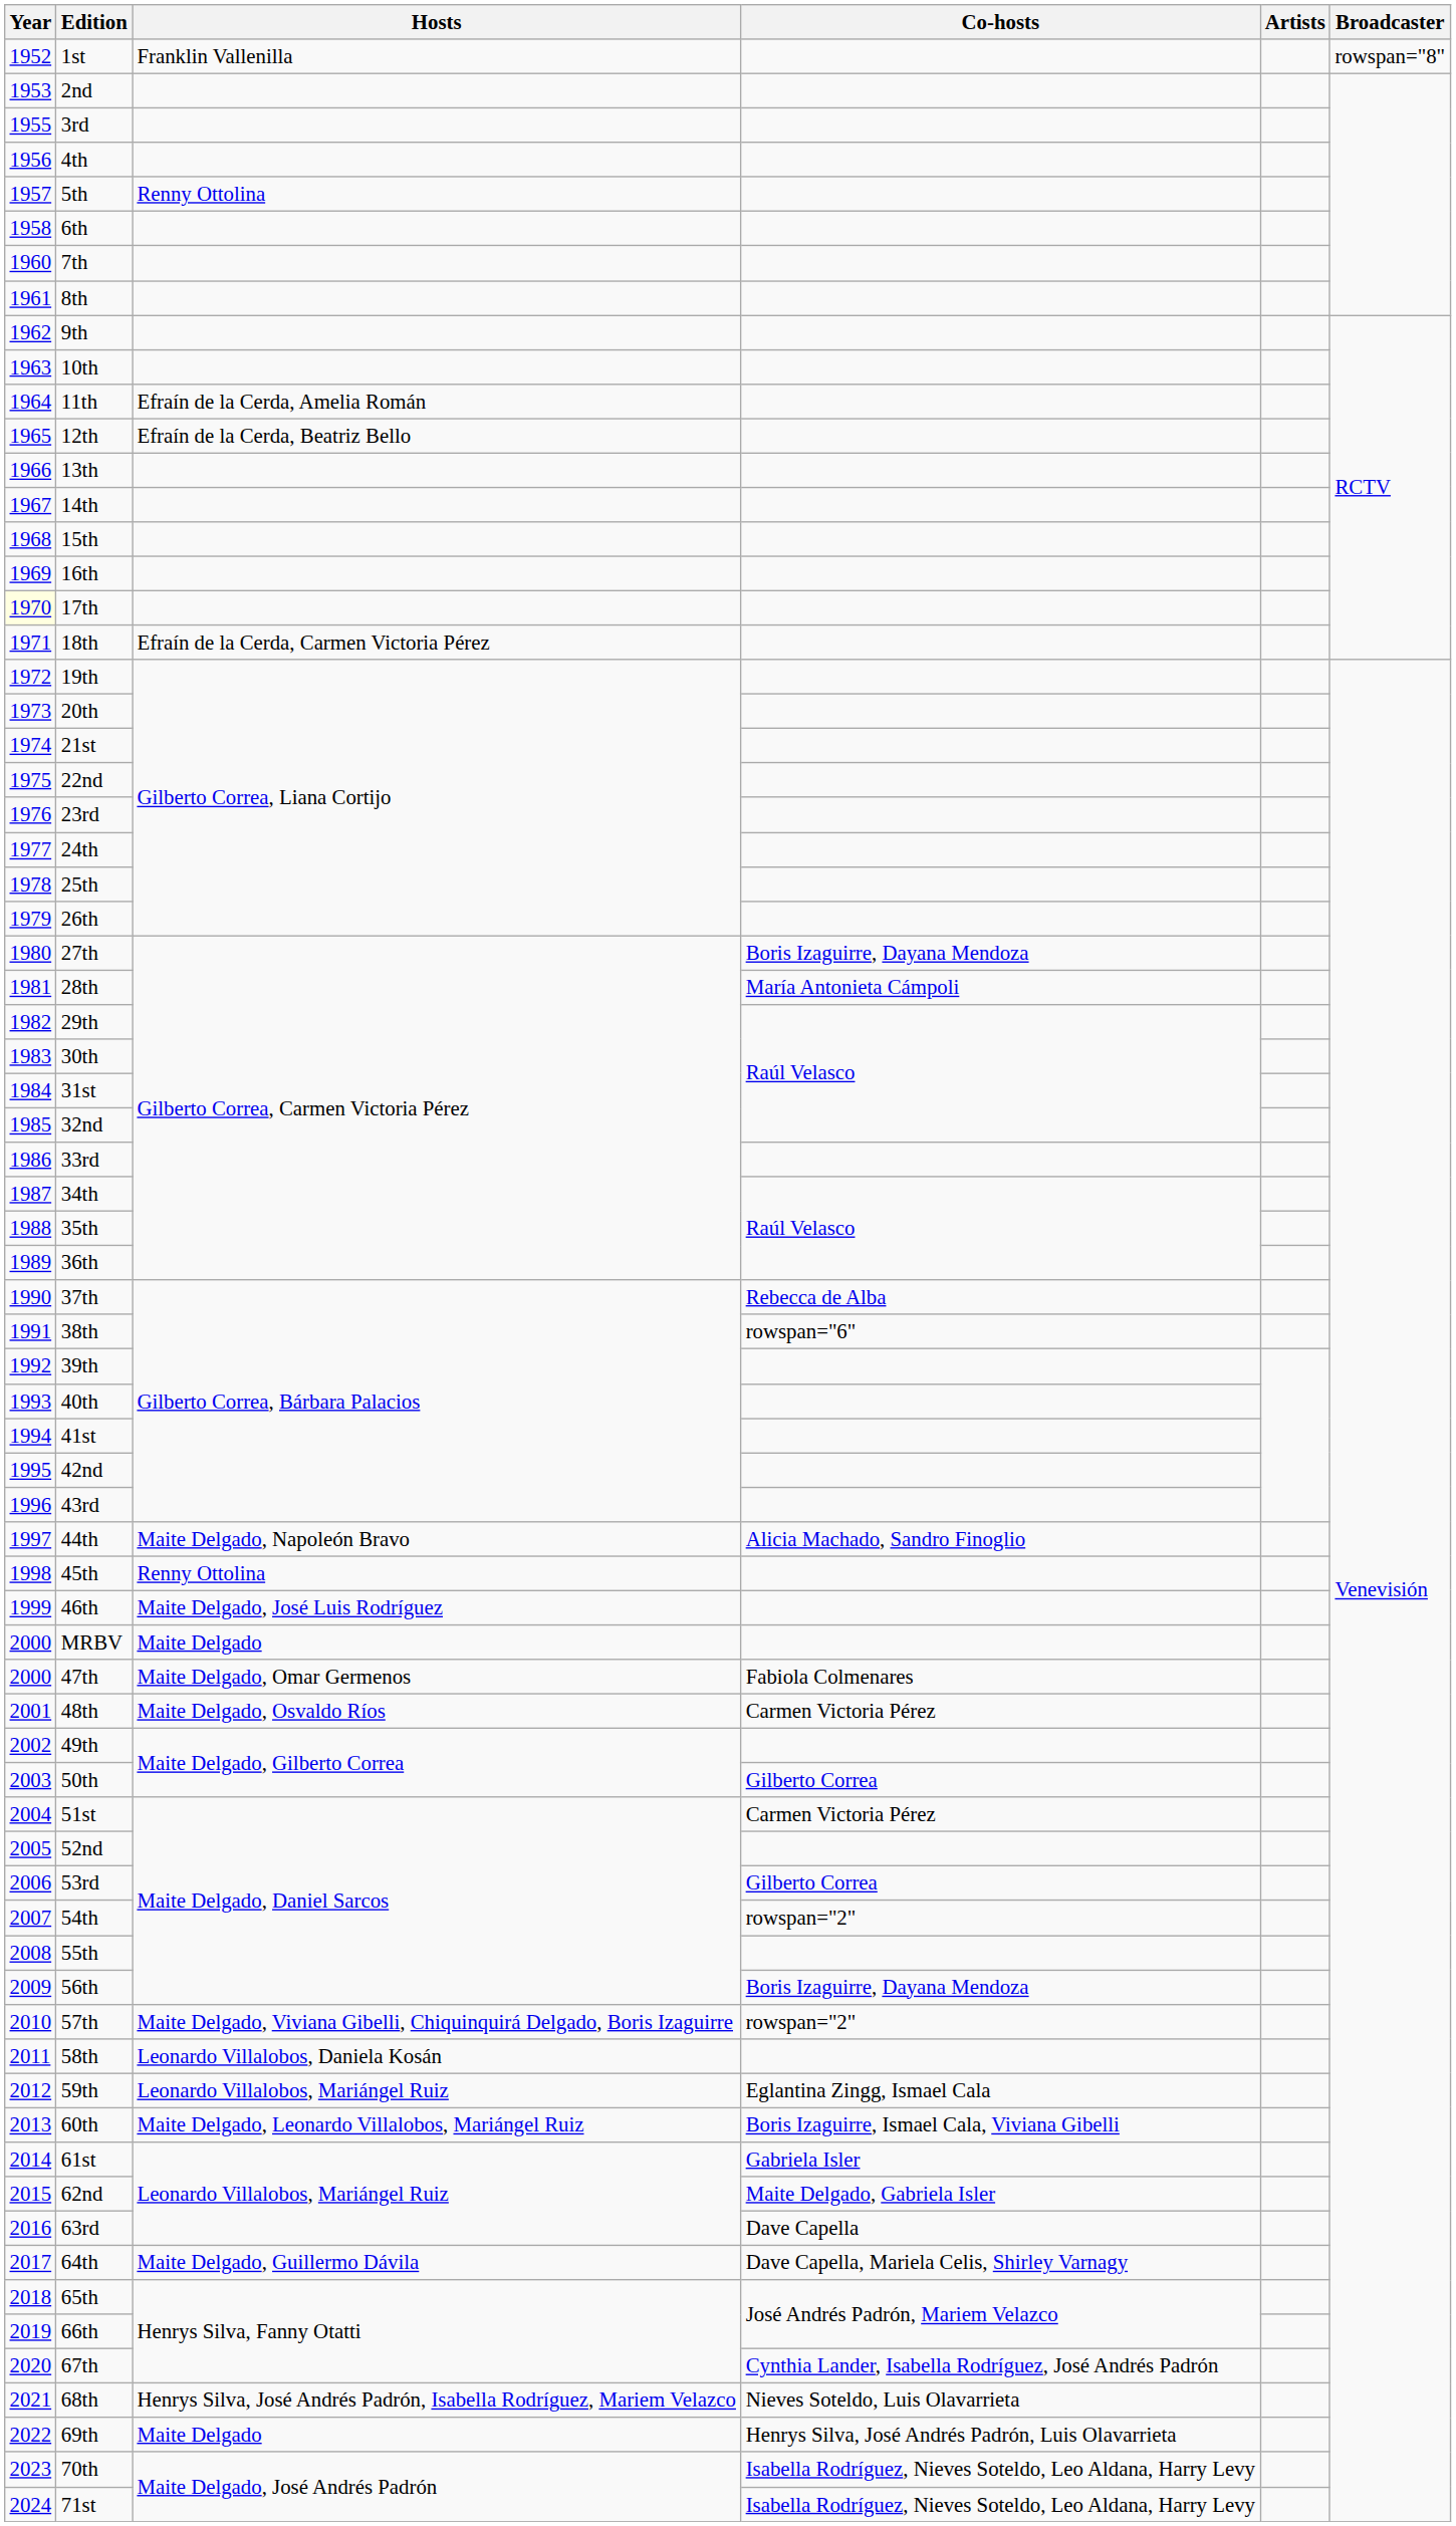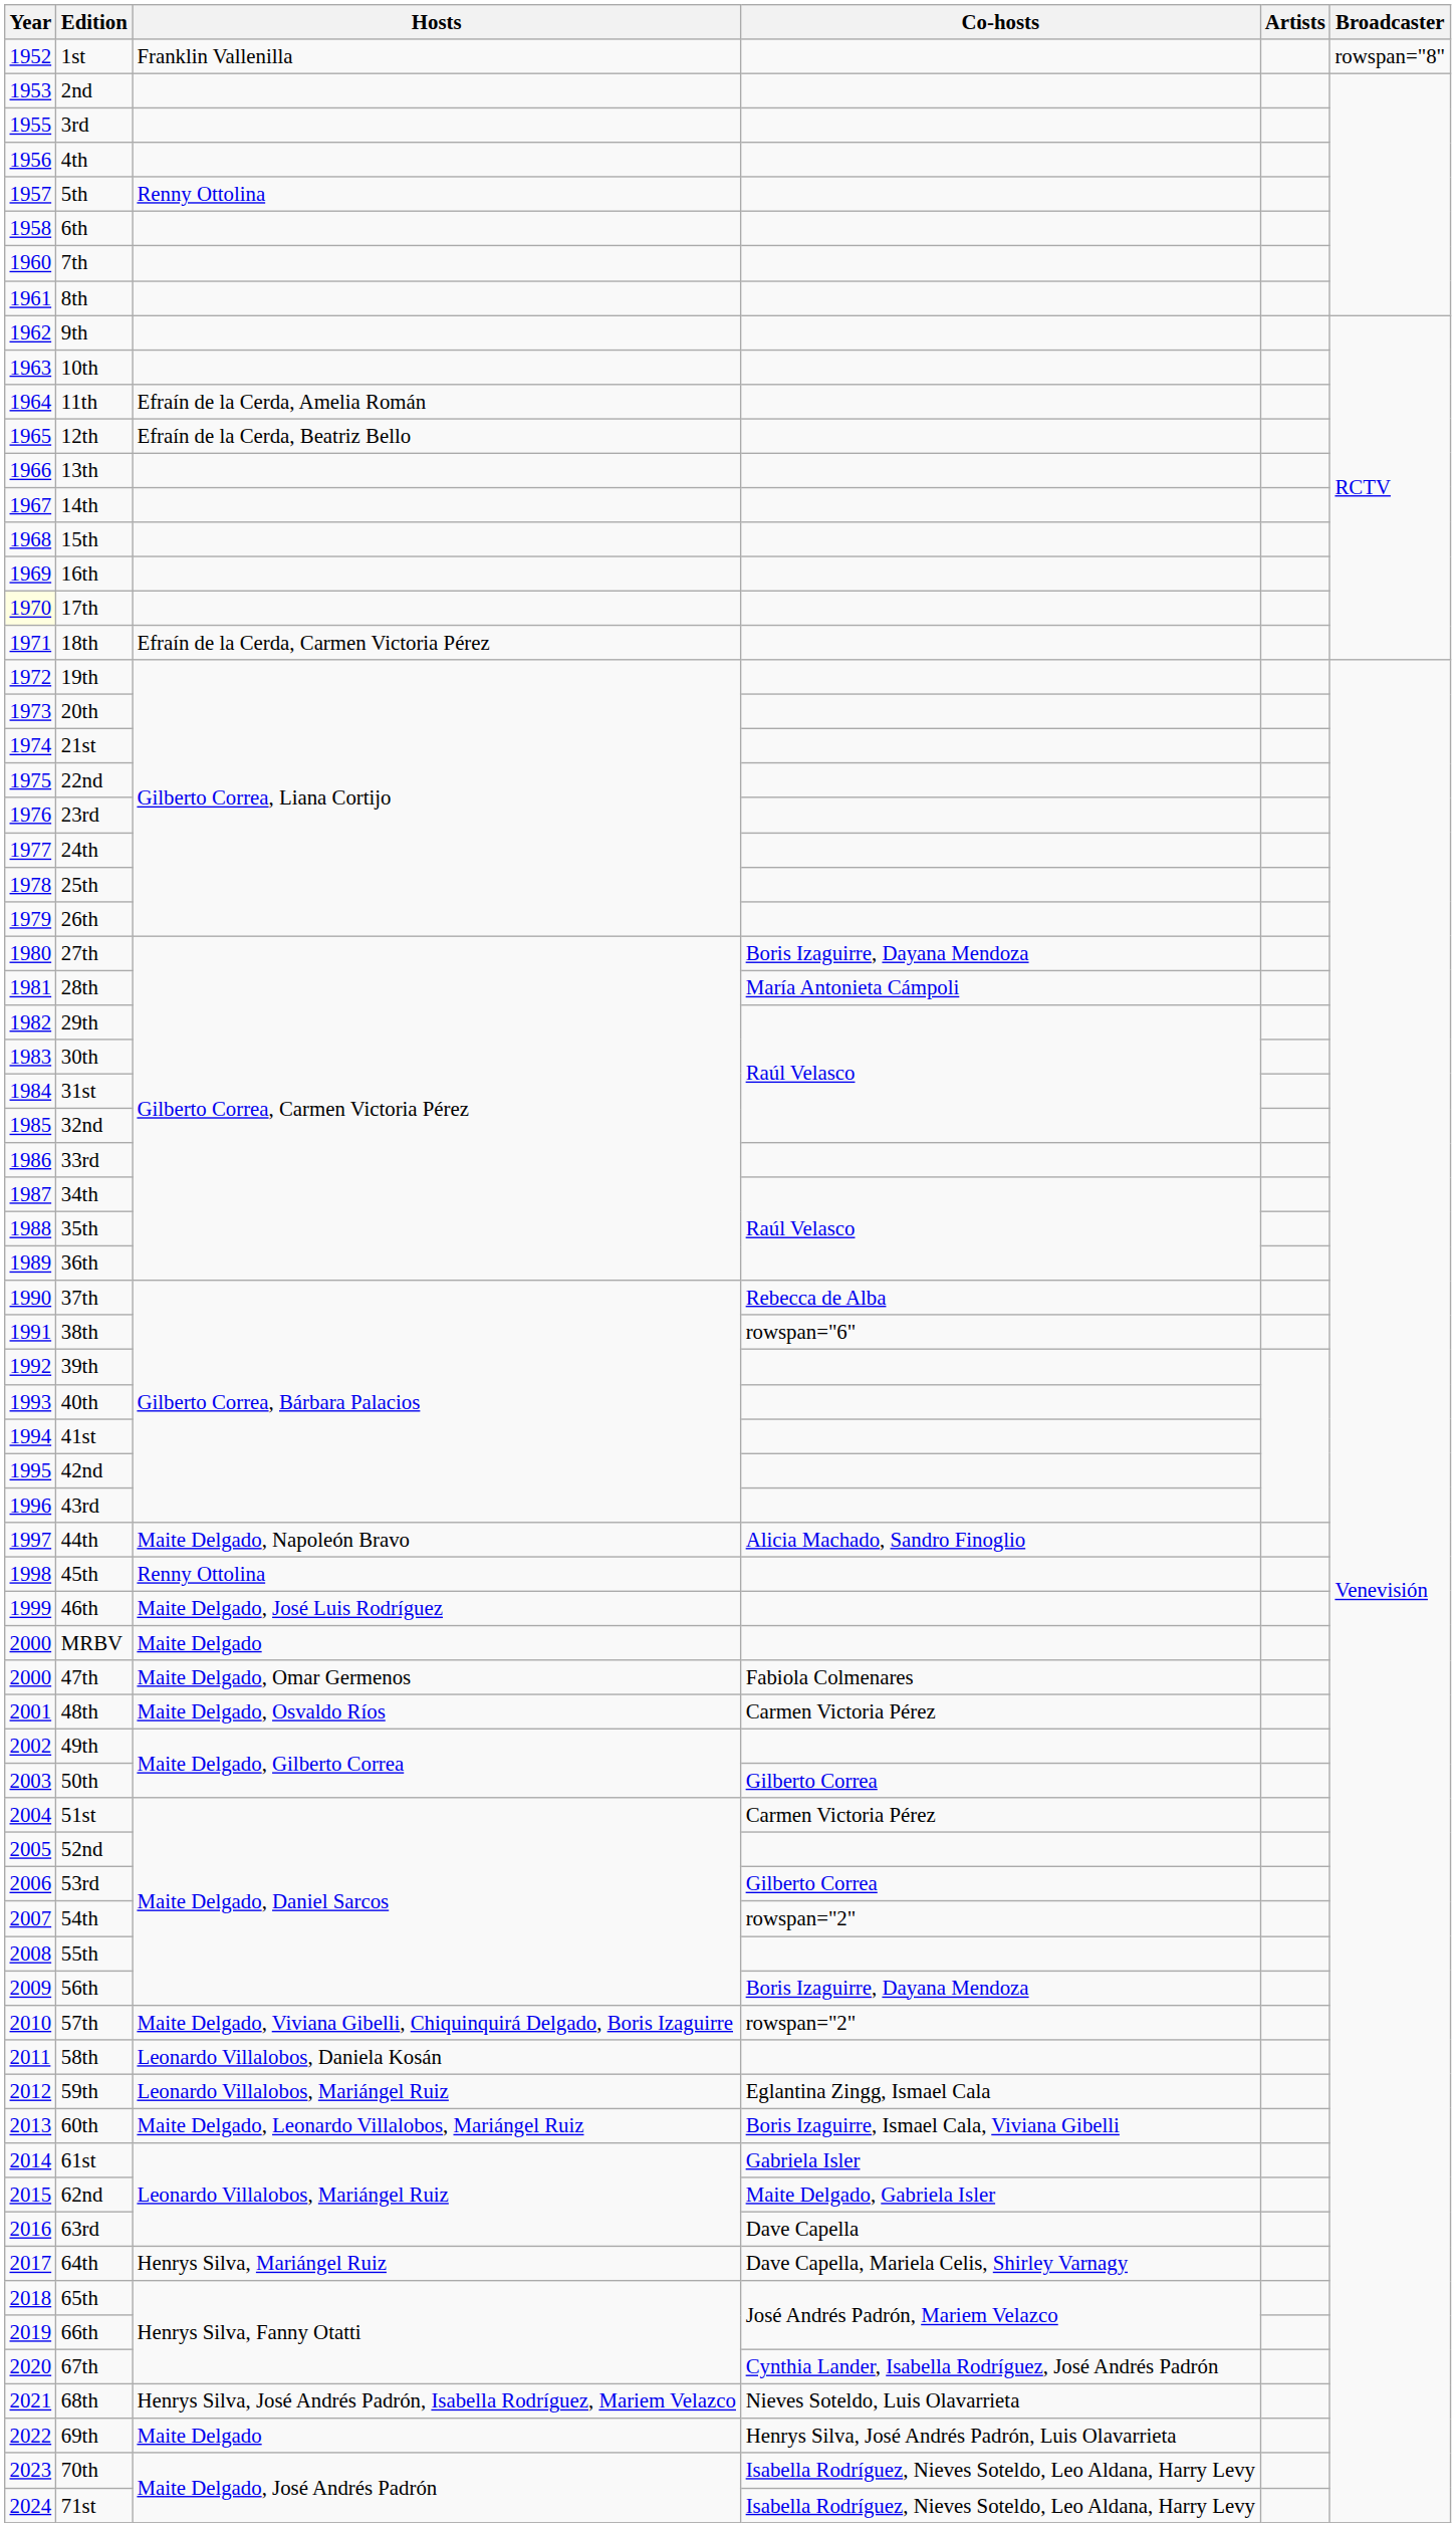 <table class="wikitable sortable" style="font-size: 95%;">
 <tr>
 <th>Year</th>
 <th>Edition</th>
 <th>Hosts</th>
 <th>Co-hosts</th>
 <th>Artists</th>
 <th>Broadcaster</th>
 </tr>
 <tr>
 <td><a href='#'>1952</a></td>
 <td>1st</td>
 <td>Franklin Vallenilla</td>
 <td></td>
 <td></td>
 <td>rowspan="8" </td>
 </tr>
 <tr>
 <td><a href='#'>1953</a></td>
 <td>2nd</td>
 <td></td>
 <td></td>
 <td></td>
 </tr>
 <tr>
 <td><a href='#'>1955</a></td>
 <td>3rd</td>
 <td></td>
 <td></td>
 <td></td>
 </tr>
 <tr>
 <td><a href='#'>1956</a></td>
 <td>4th</td>
 <td></td>
 <td></td>
 <td></td>
 </tr>
 <tr>
 <td><a href='#'>1957</a></td>
 <td>5th</td>
 <td><a href='#'>Renny Ottolina</a></td>
 <td></td>
 <td></td>
 </tr>
 <tr>
 <td><a href='#'>1958</a></td>
 <td>6th</td>
 <td></td>
 <td></td>
 <td></td>
 </tr>
 <tr>
 <td><a href='#'>1960</a></td>
 <td>7th</td>
 <td></td>
 <td></td>
 <td></td>
 </tr>
 <tr>
 <td><a href='#'>1961</a></td>
 <td>8th</td>
 <td></td>
 <td></td>
 <td></td>
 </tr>
 <tr>
 <td><a href='#'>1962</a></td>
 <td>9th</td>
 <td></td>
 <td></td>
 <td></td>
 <td rowspan="10"><a href='#'>RCTV</a></td>
 </tr>
 <tr>
 <td><a href='#'>1963</a></td>
 <td>10th</td>
 <td></td>
 <td></td>
 <td></td>
 </tr>
 <tr>
 <td><a href='#'>1964</a></td>
 <td>11th</td>
 <td>Efraín de la Cerda, Amelia Román</td>
 <td></td>
 <td></td>
 </tr>
 <tr>
 <td><a href='#'>1965</a></td>
 <td>12th</td>
 <td>Efraín de la Cerda, Beatriz Bello</td>
 <td></td>
 <td></td>
 </tr>
 <tr>
 <td><a href='#'>1966</a></td>
 <td>13th</td>
 <td></td>
 <td></td>
 <td></td>
 </tr>
 <tr>
 <td><a href='#'>1967</a></td>
 <td>14th</td>
 <td></td>
 <td></td>
 <td></td>
 </tr>
 <tr>
 <td><a href='#'>1968</a></td>
 <td>15th</td>
 <td></td>
 <td></td>
 <td></td>
 </tr>
 <tr>
 <td><a href='#'>1969</a></td>
 <td>16th</td>
 <td></td>
 <td></td>
 <td></td>
 </tr>
 <tr>
 <td style="background: lightyellow;"><a href='#'>1970</a></td>
 <td>17th</td>
 <td></td>
 <td></td>
 <td></td>
 </tr>
 <tr>
 <td><a href='#'>1971</a></td>
 <td>18th</td>
 <td>Efraín de la Cerda, Carmen Victoria Pérez</td>
 <td></td>
 <td></td>
 </tr>
 <tr>
 <td><a href='#'>1972</a></td>
 <td>19th</td>
 <td rowspan="8"><a href='#'>Gilberto Correa</a>, Liana Cortijo</td>
 <td></td>
 <td></td>
 <td rowspan="54"><a href='#'>Venevisión</a></td>
 </tr>
 <tr>
 <td><a href='#'>1973</a></td>
 <td>20th</td>
 <td></td>
 <td></td>
 </tr>
 <tr>
 <td><a href='#'>1974</a></td>
 <td>21st</td>
 <td></td>
 <td></td>
 </tr>
 <tr>
 <td><a href='#'>1975</a></td>
 <td>22nd</td>
 <td></td>
 <td></td>
 </tr>
 <tr>
 <td><a href='#'>1976</a></td>
 <td>23rd</td>
 <td></td>
 <td></td>
 </tr>
 <tr>
 <td><a href='#'>1977</a></td>
 <td>24th</td>
 <td></td>
 <td></td>
 </tr>
 <tr>
 <td><a href='#'>1978</a></td>
 <td>25th</td>
 <td></td>
 <td></td>
 </tr>
 <tr>
 <td><a href='#'>1979</a></td>
 <td>26th</td>
 <td></td>
 <td></td>
 </tr>
 <tr>
 <td><a href='#'>1980</a></td>
 <td>27th</td>
 <td rowspan="10"><a href='#'>Gilberto Correa</a>, Carmen Victoria Pérez</td>
 <td><a href='#'>Boris Izaguirre</a>, <a href='#'>Dayana Mendoza</a></td>
 <td></td>
 </tr>
 <tr>
 <td><a href='#'>1981</a></td>
 <td>28th</td>
 <td><a href='#'>María Antonieta Cámpoli</a></td>
 <td></td>
 </tr>
 <tr>
 <td><a href='#'>1982</a></td>
 <td>29th</td>
 <td rowspan="4"><a href='#'>Raúl Velasco</a></td>
 <td></td>
 </tr>
 <tr>
 <td><a href='#'>1983</a></td>
 <td>30th</td>
 <td></td>
 </tr>
 <tr>
 <td><a href='#'>1984</a></td>
 <td>31st</td>
 <td></td>
 </tr>
 <tr>
 <td><a href='#'>1985</a></td>
 <td>32nd</td>
 <td></td>
 </tr>
 <tr>
 <td><a href='#'>1986</a></td>
 <td>33rd</td>
 <td></td>
 <td></td>
 </tr>
 <tr>
 <td><a href='#'>1987</a></td>
 <td>34th</td>
 <td rowspan="3"><a href='#'>Raúl Velasco</a></td>
 <td></td>
 </tr>
 <tr>
 <td><a href='#'>1988</a></td>
 <td>35th</td>
 <td></td>
 </tr>
 <tr>
 <td><a href='#'>1989</a></td>
 <td>36th</td>
 <td></td>
 </tr>
 <tr>
 <td><a href='#'>1990</a></td>
 <td>37th</td>
 <td rowspan="7"><a href='#'>Gilberto Correa</a>, <a href='#'>Bárbara Palacios</a></td>
 <td><a href='#'>Rebecca de Alba</a></td>
 <td></td>
 </tr>
 <tr>
 <td><a href='#'>1991</a></td>
 <td>38th</td>
 <td>rowspan="6" </td>
 <td></td>
 </tr>
 <tr>
 <td><a href='#'>1992</a></td>
 <td>39th</td>
 <td></td>
 </tr>
 <tr>
 <td><a href='#'>1993</a></td>
 <td>40th</td>
 <td></td>
 </tr>
 <tr>
 <td><a href='#'>1994</a></td>
 <td>41st</td>
 <td></td>
 </tr>
 <tr>
 <td><a href='#'>1995</a></td>
 <td>42nd</td>
 <td></td>
 </tr>
 <tr>
 <td><a href='#'>1996</a></td>
 <td>43rd</td>
 <td></td>
 </tr>
 <tr>
 <td><a href='#'>1997</a></td>
 <td>44th</td>
 <td><a href='#'>Maite Delgado</a>, Napoleón Bravo</td>
 <td><a href='#'>Alicia Machado</a>, <a href='#'>Sandro Finoglio</a></td>
 <td></td>
 </tr>
 <tr>
 <td><a href='#'>1998</a></td>
 <td>45th</td>
 <td><a href='#'>Renny Ottolina</a></td>
 <td></td>
 <td></td>
 </tr>
 <tr>
 <td><a href='#'>1999</a></td>
 <td>46th</td>
 <td><a href='#'>Maite Delgado</a>, <a href='#'>José Luis Rodríguez</a></td>
 <td></td>
 <td></td>
 </tr>
 <tr>
 <td><a href='#'>2000</a></td>
 <td>MRBV</td>
 <td><a href='#'>Maite Delgado</a></td>
 <td></td>
 <td></td>
 </tr>
 <tr>
 <td><a href='#'>2000</a></td>
 <td>47th</td>
 <td><a href='#'>Maite Delgado</a>, Omar Germenos</td>
 <td>Fabiola Colmenares</td>
 <td></td>
 </tr>
 <tr>
 <td><a href='#'>2001</a></td>
 <td>48th</td>
 <td><a href='#'>Maite Delgado</a>, <a href='#'>Osvaldo Ríos</a></td>
 <td>Carmen Victoria Pérez</td>
 <td></td>
 </tr>
 <tr>
 <td><a href='#'>2002</a></td>
 <td>49th</td>
 <td rowspan="2"><a href='#'>Maite Delgado</a>, <a href='#'>Gilberto Correa</a></td>
 <td></td>
 <td></td>
 </tr>
 <tr>
 <td><a href='#'>2003</a></td>
 <td>50th</td>
 <td><a href='#'>Gilberto Correa</a></td>
 <td></td>
 </tr>
 <tr>
 <td><a href='#'>2004</a></td>
 <td>51st</td>
 <td rowspan="6"><a href='#'>Maite Delgado</a>, <a href='#'>Daniel Sarcos</a></td>
 <td>Carmen Victoria Pérez</td>
 <td></td>
 </tr>
 <tr>
 <td><a href='#'>2005</a></td>
 <td>52nd</td>
 <td></td>
 <td></td>
 </tr>
 <tr>
 <td><a href='#'>2006</a></td>
 <td>53rd</td>
 <td><a href='#'>Gilberto Correa</a></td>
 <td></td>
 </tr>
 <tr>
 <td><a href='#'>2007</a></td>
 <td>54th</td>
 <td>rowspan="2" </td>
 <td></td>
 </tr>
 <tr>
 <td><a href='#'>2008</a></td>
 <td>55th</td>
 <td></td>
 </tr>
 <tr>
 <td><a href='#'>2009</a></td>
 <td>56th</td>
 <td><a href='#'>Boris Izaguirre</a>, <a href='#'>Dayana Mendoza</a></td>
 <td></td>
 </tr>
 <tr>
 <td><a href='#'>2010</a></td>
 <td>57th</td>
 <td><a href='#'>Maite Delgado</a>, <a href='#'>Viviana Gibelli</a>, <a href='#'>Chiquinquirá Delgado</a>, <a href='#'>Boris Izaguirre</a></td>
 <td>rowspan="2" </td>
 <td></td>
 </tr>
 <tr>
 <td><a href='#'>2011</a></td>
 <td>58th</td>
 <td><a href='#'>Leonardo Villalobos</a>, Daniela Kosán</td>
 <td></td>
 </tr>
 <tr>
 <td><a href='#'>2012</a></td>
 <td>59th</td>
 <td><a href='#'>Leonardo Villalobos</a>, <a href='#'>Mariángel Ruiz</a></td>
 <td>Eglantina Zingg, Ismael Cala</td>
 <td></td>
 </tr>
 <tr>
 <td><a href='#'>2013</a></td>
 <td>60th</td>
 <td><a href='#'>Maite Delgado</a>, <a href='#'>Leonardo Villalobos</a>, <a href='#'>Mariángel Ruiz</a></td>
 <td><a href='#'>Boris Izaguirre</a>, Ismael Cala, <a href='#'>Viviana Gibelli</a></td>
 <td></td>
 </tr>
 <tr>
 <td><a href='#'>2014</a></td>
 <td>61st</td>
 <td rowspan="3"><a href='#'>Leonardo Villalobos</a>, <a href='#'>Mariángel Ruiz</a></td>
 <td><a href='#'>Gabriela Isler</a></td>
 <td></td>
 </tr>
 <tr>
 <td><a href='#'>2015</a></td>
 <td>62nd</td>
 <td><a href='#'>Maite Delgado</a>, <a href='#'>Gabriela Isler</a></td>
 <td></td>
 </tr>
 <tr>
 <td><a href='#'>2016</a></td>
 <td>63rd</td>
 <td>Dave Capella</td>
 <td></td>
 </tr>
 <tr>
 <td><a href='#'>2017</a></td>
 <td>64th</td>
-<td><a href='#'>Maite Delgado</a>, <a href='#'>Guillermo Dávila</a></td>
+<td>Henrys Silva, <a href='#'>Mariángel Ruiz</a></td>
 <td>Dave Capella, Mariela Celis, <a href='#'>Shirley Varnagy</a></td>
 <td></td>
 </tr>
 <tr>
 <td><a href='#'>2018</a></td>
 <td>65th</td>
 <td rowspan="3">Henrys Silva, Fanny Otatti</td>
 <td rowspan="2">José Andrés Padrón, <a href='#'>Mariem Velazco</a></td>
 <td></td>
 </tr>
 <tr>
 <td><a href='#'>2019</a></td>
 <td>66th</td>
 <td></td>
 </tr>
 <tr>
 <td><a href='#'>2020</a></td>
 <td>67th</td>
 <td><a href='#'>Cynthia Lander</a>, <a href='#'>Isabella Rodríguez</a>, José Andrés Padrón</td>
 <td></td>
 </tr>
 <tr>
 <td><a href='#'>2021</a></td>
 <td>68th</td>
 <td>Henrys Silva, José Andrés Padrón, <a href='#'>Isabella Rodríguez</a>, <a href='#'>Mariem Velazco</a></td>
 <td>Nieves Soteldo, Luis Olavarrieta</td>
 <td></td>
 </tr>
 <tr>
 <td><a href='#'>2022</a></td>
 <td>69th</td>
 <td><a href='#'>Maite Delgado</a></td>
 <td>Henrys Silva, José Andrés Padrón, Luis Olavarrieta</td>
 <td></td>
 </tr>
 <tr>
 <td><a href='#'>2023</a></td>
 <td>70th</td>
 <td rowspan="2"><a href='#'>Maite Delgado</a>, José Andrés Padrón</td>
 <td><a href='#'>Isabella Rodríguez</a>, Nieves Soteldo, Leo Aldana, Harry Levy</td>
 <td></td>
 </tr>
 <tr>
 <td><a href='#'>2024</a></td>
 <td>71st</td>
 <td><a href='#'>Isabella Rodríguez</a>, Nieves Soteldo, Leo Aldana, Harry Levy</td>
 <td></td>
 </tr>
 </table>
